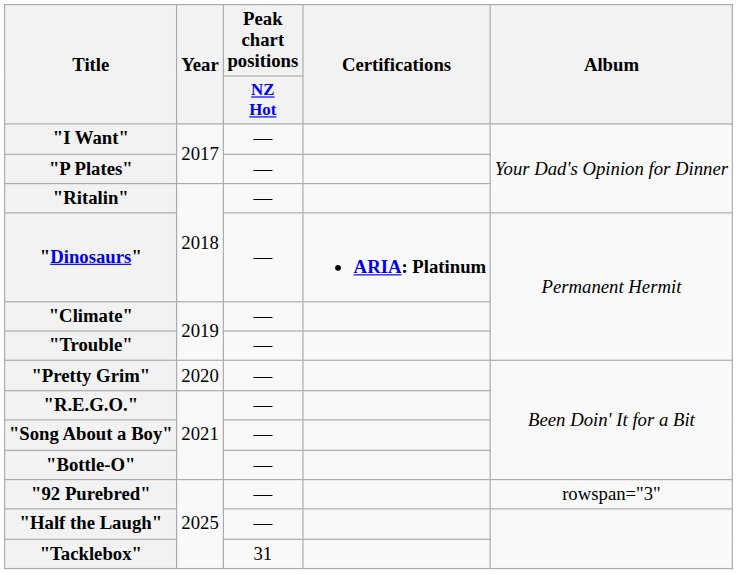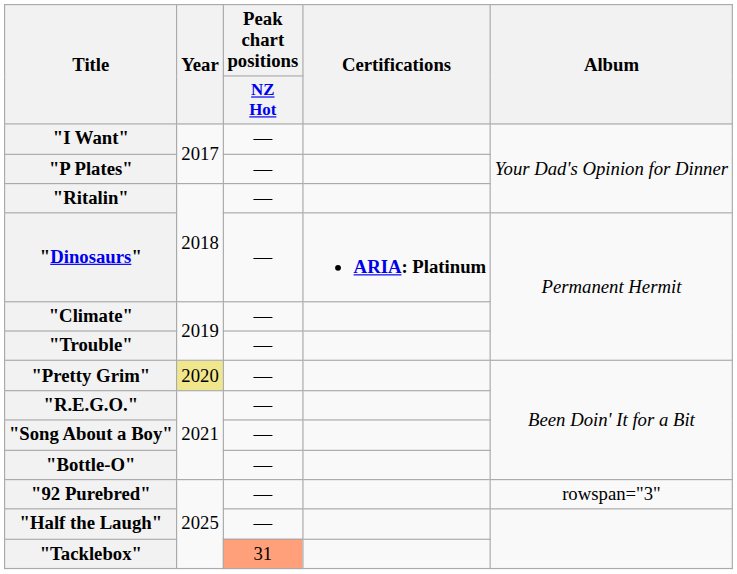 <table class="wikitable plainrowheaders" style="text-align:center;">
 <tr>
 <th scope="col" rowspan="2">Title</th>
 <th scope="col" rowspan="2">Year</th>
 <th scope="col" colspan="1">Peak chart positions</th>
 <th scope="col" rowspan="2">Certifications</th>
 <th scope="col" rowspan="2">Album</th>
 </tr>
 <tr>
 <th scope="col" style="width:3em;font-size:90%;"><a href='#'>NZ<br>Hot</a><br></th>
 </tr>
 <tr>
 <th scope="row">"I Want"</th>
 <td rowspan="2">2017</td>
 <td>—</td>
 <td></td>
 <td rowspan="3"><em>Your Dad's Opinion for Dinner</em></td>
 </tr>
 <tr>
 <th scope="row">"P Plates"</th>
 <td>—</td>
 <td></td>
 </tr>
 <tr>
 <th scope="row">"Ritalin"</th>
 <td rowspan="2">2018</td>
 <td>—</td>
 <td></td>
 </tr>
 <tr>
 <th scope="row">"<a href='#'>Dinosaurs</a>"</th>
 <td>—</td>
 <td><strong><br><ul><li><a href='#'>ARIA</a>: Platinum</li></ul></strong></td>
 <td rowspan="3"><em>Permanent Hermit</em></td>
 </tr>
 <tr>
 <th scope="row">"Climate"</th>
 <td rowspan="2">2019</td>
 <td>—</td>
 <td></td>
 </tr>
 <tr>
 <th scope="row">"Trouble"</th>
 <td>—</td>
 <td></td>
 </tr>
 <tr>
 <th scope="row">"Pretty Grim"</th>
-<td>2020</td>
+<td style="background: khaki;">2020</td>
 <td>—</td>
 <td></td>
 <td rowspan="4"><em>Been Doin' It for a Bit</em></td>
 </tr>
 <tr>
 <th scope="row">"R.E.G.O."</th>
 <td rowspan="3">2021</td>
 <td>—</td>
 <td></td>
 </tr>
 <tr>
 <th scope="row">"Song About a Boy"</th>
 <td>—</td>
 <td></td>
 </tr>
 <tr>
 <th scope="row">"Bottle-O"</th>
 <td>—</td>
 <td></td>
 </tr>
 <tr>
 <th scope="row">"92 Purebred"</th>
 <td rowspan="3">2025</td>
 <td>—</td>
 <td></td>
 <td>rowspan="3" </td>
 </tr>
 <tr>
 <th scope="row">"Half the Laugh"</th>
 <td>—</td>
 <td></td>
 </tr>
 <tr>
 <th scope="row">"Tacklebox"</th>
-<td>31</td>
+<td style="background: lightsalmon;">31</td>
 <td></td>
 </tr>
 </table>
